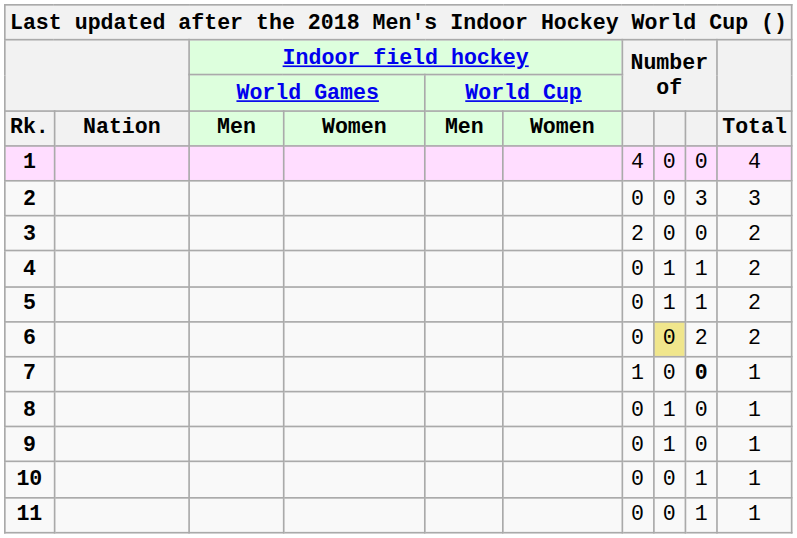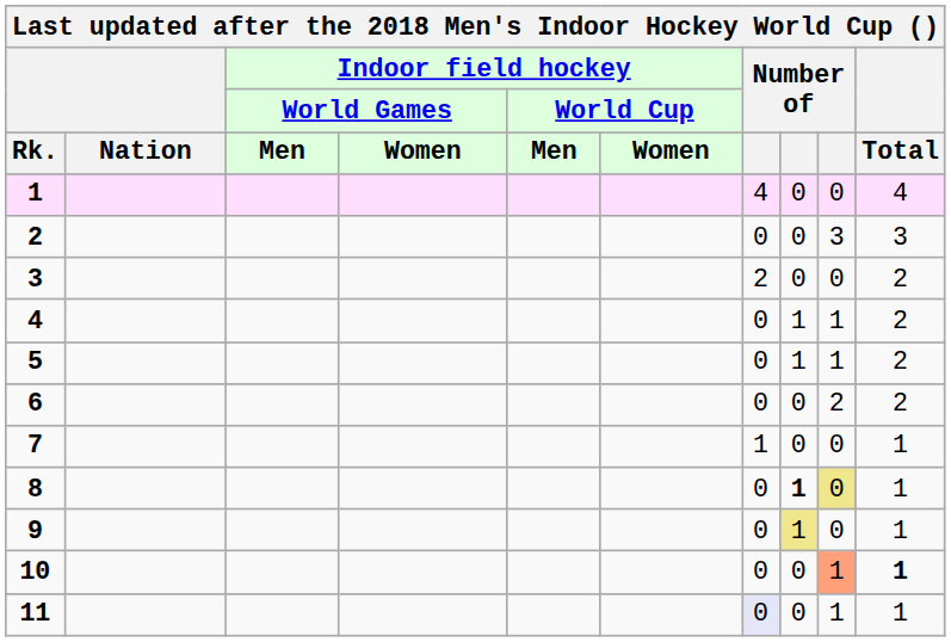 <table class="wikitable" style="margin-top: 0em; text-align: center; font-size: 100%;">
 <tr>
 <th colspan="10">Last updated after the 2018 Men's Indoor Hockey World Cup ()</th>
 </tr>
 <tr>
 <th rowspan="2" colspan="2"></th>
 <th colspan="4" style="background: #dfd;"><a href='#'>Indoor field hockey</a></th>
 <th rowspan="2" colspan="3">Number of</th>
 <th rowspan="2"></th>
 </tr>
 <tr>
 <th colspan="2" style="background: #dfd;"><a href='#'>World Games</a></th>
 <th colspan="2" style="background: #dfd;"><a href='#'>World Cup</a></th>
 </tr>
 <tr>
 <th style="width: 1em;">Rk.</th>
 <th>Nation</th>
 <th style="background: #dfd;">Men</th>
 <th style="background: #dfd;">Women</th>
 <th style="background: #dfd;">Men</th>
 <th style="background: #dfd;">Women</th>
 <th style="width: 1em;"></th>
 <th style="width: 1em;"></th>
 <th style="width: 1em;"></th>
 <th style="width: 1em;">Total</th>
 </tr>
 <tr style="background: #fdf;">
 <td><strong>1</strong></td>
 <td style="text-align: left;"></td>
 <td></td>
 <td></td>
 <td></td>
 <td></td>
 <td>4</td>
 <td>0</td>
 <td>0</td>
 <td>4</td>
 </tr>
 <tr>
 <td><strong>2</strong></td>
 <td style="text-align: left;"></td>
 <td></td>
 <td></td>
 <td></td>
 <td></td>
 <td>0</td>
 <td>0</td>
 <td>3</td>
 <td>3</td>
 </tr>
 <tr>
 <td><strong>3</strong></td>
 <td style="text-align: left;"></td>
 <td></td>
 <td></td>
 <td></td>
 <td></td>
 <td>2</td>
 <td>0</td>
 <td>0</td>
 <td>2</td>
 </tr>
 <tr>
 <td><strong>4</strong></td>
 <td style="text-align: left;"></td>
 <td></td>
 <td></td>
 <td></td>
 <td></td>
 <td>0</td>
 <td>1</td>
 <td>1</td>
 <td>2</td>
 </tr>
 <tr>
 <td><strong>5</strong></td>
 <td style="text-align: left;"></td>
 <td></td>
 <td></td>
 <td></td>
 <td></td>
 <td>0</td>
 <td>1</td>
 <td>1</td>
 <td>2</td>
 </tr>
 <tr>
 <td><strong>6</strong></td>
 <td style="text-align: left;"></td>
 <td></td>
 <td></td>
 <td></td>
 <td></td>
 <td>0</td>
-<td style="background: khaki;">0</td>
+<td>0</td>
 <td>2</td>
 <td>2</td>
 </tr>
 <tr>
 <td><strong>7</strong></td>
 <td style="text-align: left;"></td>
 <td></td>
 <td></td>
 <td></td>
 <td></td>
 <td>1</td>
 <td>0</td>
-<td><strong>0</strong></td>
+<td>0</td>
 <td>1</td>
 </tr>
 <tr>
 <td><strong>8</strong></td>
 <td style="text-align: left;"></td>
 <td></td>
 <td></td>
 <td></td>
 <td></td>
 <td>0</td>
-<td>1</td>
-<td>0</td>
+<td><strong>1</strong></td>
+<td style="background: khaki;">0</td>
 <td>1</td>
 </tr>
 <tr>
 <td><strong>9</strong></td>
 <td style="text-align: left;"></td>
 <td></td>
 <td></td>
 <td></td>
 <td></td>
 <td>0</td>
-<td>1</td>
+<td style="background: khaki;">1</td>
 <td>0</td>
 <td>1</td>
 </tr>
 <tr>
 <td><strong>10</strong></td>
 <td style="text-align: left;"></td>
 <td></td>
 <td></td>
 <td></td>
 <td></td>
 <td>0</td>
 <td>0</td>
-<td>1</td>
-<td>1</td>
+<td style="background: lightsalmon;">1</td>
+<td><strong>1</strong></td>
 </tr>
 <tr>
 <td><strong>11</strong></td>
 <td style="text-align: left;"></td>
 <td></td>
 <td></td>
 <td></td>
 <td></td>
-<td>0</td>
+<td style="background: lavender;">0</td>
 <td>0</td>
 <td>1</td>
 <td>1</td>
 </tr>
 </table>
